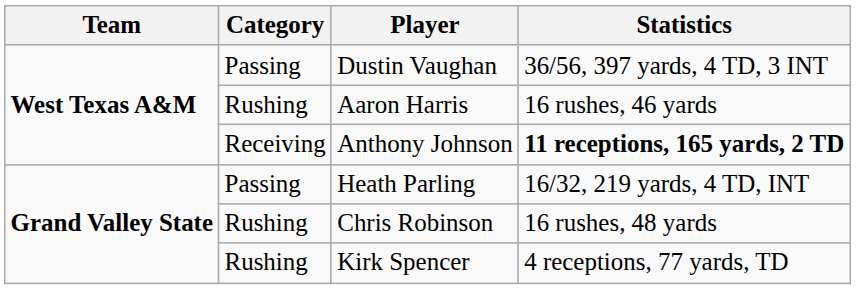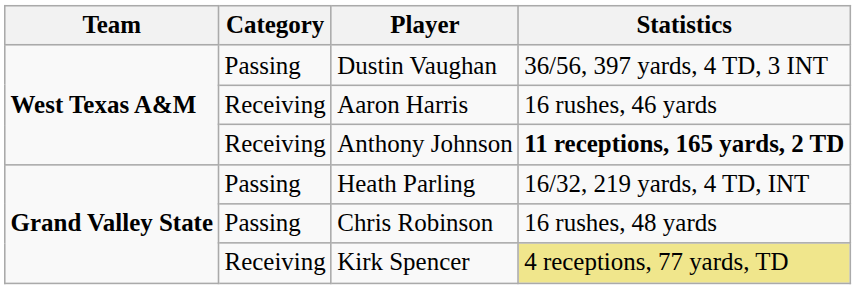 <table class="wikitable" style="float: left;">
 <tr>
 <th>Team</th>
 <th>Category</th>
 <th>Player</th>
 <th>Statistics</th>
 </tr>
 <tr>
 <td rowspan=3><strong>West Texas A&M</strong></td>
 <td>Passing</td>
 <td>Dustin Vaughan</td>
 <td>36/56, 397 yards, 4 TD, 3 INT</td>
 </tr>
 <tr>
-<td>Rushing</td>
+<td>Receiving</td>
 <td>Aaron Harris</td>
 <td>16 rushes, 46 yards</td>
 </tr>
 <tr>
 <td>Receiving</td>
 <td>Anthony Johnson</td>
 <td><strong>11 receptions, 165 yards, 2 TD</strong></td>
 </tr>
 <tr>
 <td rowspan=3><strong>Grand Valley State</strong></td>
 <td>Passing</td>
 <td>Heath Parling</td>
 <td>16/32, 219 yards, 4 TD, INT</td>
 </tr>
 <tr>
-<td>Rushing</td>
+<td>Passing</td>
 <td>Chris Robinson</td>
 <td>16 rushes, 48 yards</td>
 </tr>
 <tr>
-<td>Rushing</td>
+<td>Receiving</td>
 <td>Kirk Spencer</td>
-<td>4 receptions, 77 yards, TD</td>
+<td style="background: khaki;">4 receptions, 77 yards, TD</td>
 </tr>
 </table>
